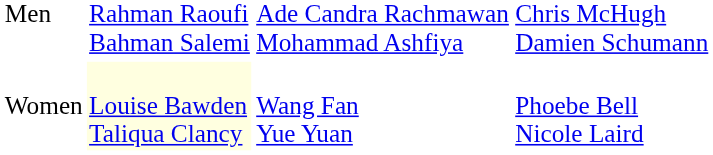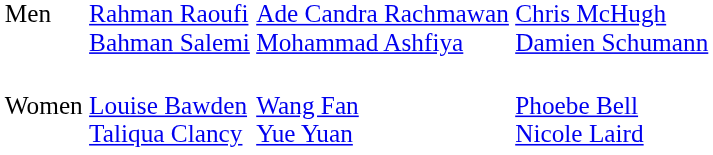 <table>
 <tr>
 <td>Men</td>
 <td><br><a href='#'>Rahman Raoufi</a><br><a href='#'>Bahman Salemi</a></td>
 <td><br><a href='#'>Ade Candra Rachmawan</a><br><a href='#'>Mohammad Ashfiya</a></td>
 <td><br><a href='#'>Chris McHugh</a><br><a href='#'>Damien Schumann</a></td>
 </tr>
 <tr>
 <td>Women</td>
-<td style="background: lightyellow;"><br><a href='#'>Louise Bawden</a><br><a href='#'>Taliqua Clancy</a></td>
+<td><br><a href='#'>Louise Bawden</a><br><a href='#'>Taliqua Clancy</a></td>
 <td><br><a href='#'>Wang Fan</a><br><a href='#'>Yue Yuan</a></td>
 <td><br><a href='#'>Phoebe Bell</a><br><a href='#'>Nicole Laird</a></td>
 </tr>
 </table>
